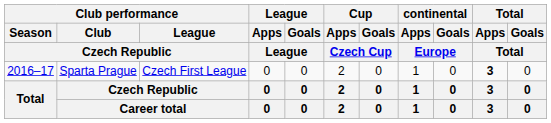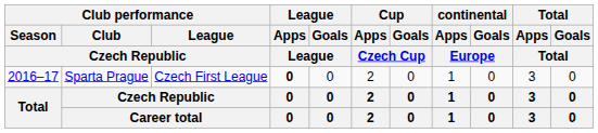 <table class="wikitable" style="text-align:center">
 <tr>
 <th colspan=3>Club performance</th>
 <th colspan=2>League</th>
 <th colspan=2>Cup</th>
 <th colspan=2>continental</th>
 <th colspan=2>Total</th>
 </tr>
 <tr>
 <th>Season</th>
 <th>Club</th>
 <th>League</th>
 <th>Apps</th>
 <th>Goals</th>
 <th>Apps</th>
 <th>Goals</th>
 <th>Apps</th>
 <th>Goals</th>
 <th>Apps</th>
 <th>Goals</th>
 </tr>
 <tr>
 <th colspan=3>Czech Republic</th>
 <th colspan=2>League</th>
 <th colspan=2><a href='#'>Czech Cup</a></th>
 <th colspan=2><a href='#'>Europe</a></th>
 <th colspan=2>Total</th>
 </tr>
 <tr>
 <td><a href='#'>2016–17</a></td>
 <td><a href='#'>Sparta Prague</a></td>
 <td><a href='#'>Czech First League</a></td>
-<td>0</td>
+<td><strong>0</strong></td>
 <td>0</td>
 <td>2</td>
 <td>0</td>
 <td>1</td>
 <td>0</td>
-<td><strong>3</strong></td>
+<td>3</td>
 <td>0</td>
 </tr>
 <tr>
 <th rowspan=2>Total</th>
 <th colspan=2>Czech Republic</th>
 <th>0</th>
 <th>0</th>
 <th>2</th>
 <th>0</th>
 <th>1</th>
 <th>0</th>
 <th>3</th>
 <th>0</th>
 </tr>
 <tr>
 <th colspan=2>Career total</th>
 <th>0</th>
 <th>0</th>
 <th>2</th>
 <th>0</th>
 <th>1</th>
 <th>0</th>
 <th>3</th>
 <th>0</th>
 </tr>
 </table>
